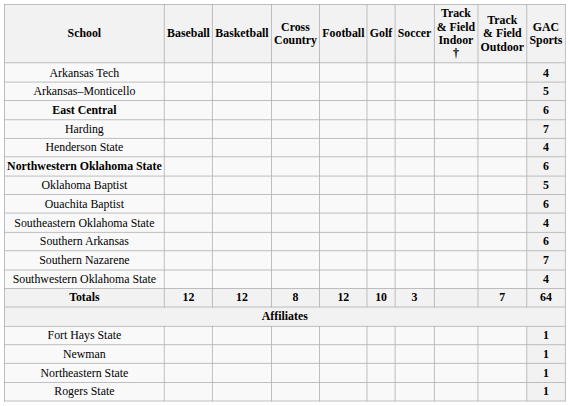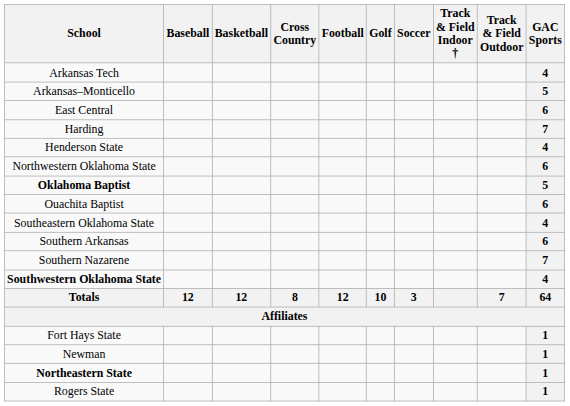 <table class=wikitable style=text-align:center>
 <tr>
 <th>School</th>
 <th>Baseball</th>
 <th>Basketball</th>
 <th>Cross<br>Country</th>
 <th>Football</th>
 <th>Golf</th>
 <th>Soccer</th>
 <th>Track<br>& Field<br>Indoor<br>†</th>
 <th>Track<br>& Field<br>Outdoor</th>
 <th>GAC<br>Sports</th>
 </tr>
 <tr>
 <td>Arkansas Tech</td>
 <td></td>
 <td></td>
 <td></td>
 <td></td>
 <td></td>
 <td></td>
 <td></td>
 <td></td>
 <th>4</th>
 </tr>
 <tr>
 <td>Arkansas–Monticello</td>
 <td></td>
 <td></td>
 <td></td>
 <td></td>
 <td></td>
 <td></td>
 <td></td>
 <td></td>
 <th>5</th>
 </tr>
 <tr>
-<td><strong>East Central</strong></td>
+<td>East Central</td>
 <td></td>
 <td></td>
 <td></td>
 <td></td>
 <td></td>
 <td></td>
 <td></td>
 <td></td>
 <th>6</th>
 </tr>
 <tr>
 <td>Harding</td>
 <td></td>
 <td></td>
 <td></td>
 <td></td>
 <td></td>
 <td></td>
 <td></td>
 <td></td>
 <th>7</th>
 </tr>
 <tr>
 <td>Henderson State</td>
 <td></td>
 <td></td>
 <td></td>
 <td></td>
 <td></td>
 <td></td>
 <td></td>
 <td></td>
 <th>4</th>
 </tr>
 <tr>
-<td><strong>Northwestern Oklahoma State</strong></td>
+<td>Northwestern Oklahoma State</td>
 <td></td>
 <td></td>
 <td></td>
 <td></td>
 <td></td>
 <td></td>
 <td></td>
 <td></td>
 <th>6</th>
 </tr>
 <tr>
-<td>Oklahoma Baptist</td>
+<td><strong>Oklahoma Baptist</strong></td>
 <td></td>
 <td></td>
 <td></td>
 <td></td>
 <td></td>
 <td></td>
 <td></td>
 <td></td>
 <th>5</th>
 </tr>
 <tr>
 <td>Ouachita Baptist</td>
 <td></td>
 <td></td>
 <td></td>
 <td></td>
 <td></td>
 <td></td>
 <td></td>
 <td></td>
 <th>6</th>
 </tr>
 <tr>
 <td>Southeastern Oklahoma State</td>
 <td></td>
 <td></td>
 <td></td>
 <td></td>
 <td></td>
 <td></td>
 <td></td>
 <td></td>
 <th>4</th>
 </tr>
 <tr>
 <td>Southern Arkansas</td>
 <td></td>
 <td></td>
 <td></td>
 <td></td>
 <td></td>
 <td></td>
 <td></td>
 <td></td>
 <th>6</th>
 </tr>
 <tr>
 <td>Southern Nazarene</td>
 <td></td>
 <td></td>
 <td></td>
 <td></td>
 <td></td>
 <td></td>
 <td></td>
 <td></td>
 <th>7</th>
 </tr>
 <tr>
-<td>Southwestern Oklahoma State</td>
+<td><strong>Southwestern Oklahoma State</strong></td>
 <td></td>
 <td></td>
 <td></td>
 <td></td>
 <td></td>
 <td></td>
 <td></td>
 <td></td>
 <th>4</th>
 </tr>
 <tr>
 <th>Totals</th>
 <th>12</th>
 <th>12</th>
 <th>8</th>
 <th>12</th>
 <th>10</th>
 <th>3</th>
 <th></th>
 <th>7</th>
 <th>64</th>
 </tr>
 <tr>
 <th colspan=10>Affiliates</th>
 </tr>
 <tr>
 <td>Fort Hays State</td>
 <td></td>
 <td></td>
 <td></td>
 <td></td>
 <td></td>
 <td></td>
 <td></td>
 <td></td>
 <th>1</th>
 </tr>
 <tr>
 <td>Newman</td>
 <td></td>
 <td></td>
 <td></td>
 <td></td>
 <td></td>
 <td></td>
 <td></td>
 <td></td>
 <th>1</th>
 </tr>
 <tr>
-<td>Northeastern State</td>
+<td><strong>Northeastern State</strong></td>
 <td></td>
 <td></td>
 <td></td>
 <td></td>
 <td></td>
 <td></td>
 <td></td>
 <td></td>
 <th>1</th>
 </tr>
 <tr>
 <td>Rogers State</td>
 <td></td>
 <td></td>
 <td></td>
 <td></td>
 <td></td>
 <td></td>
 <td></td>
 <td></td>
 <th>1</th>
 </tr>
 </table>
